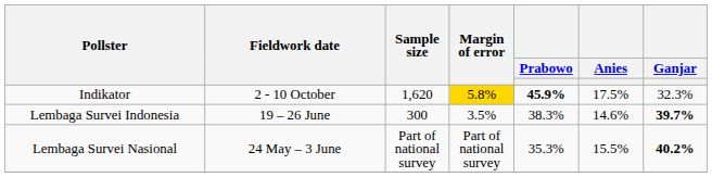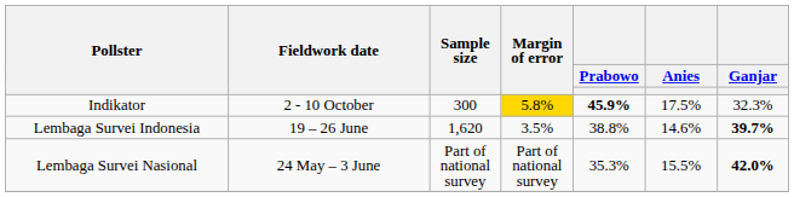 <table class="wikitable" style="text-align:center; font-size:90%; line-height:14px;">
 <tr style="height:55px; background-color:#E9E9E9">
 <th rowspan="3" style="width:200px;">Pollster</th>
 <th rowspan="3" style="width:180px;">Fieldwork date</th>
 <th rowspan="3" style="width:60px;">Sample size</th>
 <th rowspan="3" style="width:60px;">Margin of error</th>
 <th style="width:60px;"></th>
 <th style="width:60px;"></th>
 <th style="width:60px;"></th>
 </tr>
 <tr>
 <th><a href='#'>Prabowo</a> <br></th>
 <th><a href='#'>Anies</a> <br></th>
 <th><a href='#'>Ganjar</a> <br></th>
 </tr>
 <tr>
 <th class="unsortable" style="color:inherit;background:"></th>
 <th class="unsortable" style="color:inherit;background:"></th>
 <th class="unsortable" style="color:inherit;background:"></th>
 </tr>
 <tr>
 <td>Indikator</td>
 <td>2 - 10 October</td>
-<td>1,620</td>
+<td>300</td>
 <td style="background: gold;">5.8%</td>
 <td style="background-color:#"><strong>45.9%</strong> </td>
 <td>17.5% </td>
 <td>32.3% </td>
 </tr>
 <tr>
 <td>Lembaga Survei Indonesia</td>
 <td>19 – 26 June</td>
-<td>300</td>
+<td>1,620</td>
 <td>3.5%</td>
-<td>38.3%</td>
+<td>38.8%</td>
 <td>14.6%</td>
 <td style="background-color:#"><strong>39.7%</strong></td>
 </tr>
 <tr>
 <td>Lembaga Survei Nasional</td>
 <td>24 May – 3 June</td>
 <td>Part of national survey</td>
 <td>Part of national survey</td>
 <td>35.3%</td>
 <td>15.5%</td>
-<td style="background-color:#"><strong>40.2%</strong></td>
+<td style="background-color:#"><strong>42.0%</strong></td>
 </tr>
 <tr>
 </tr>
 </table>
